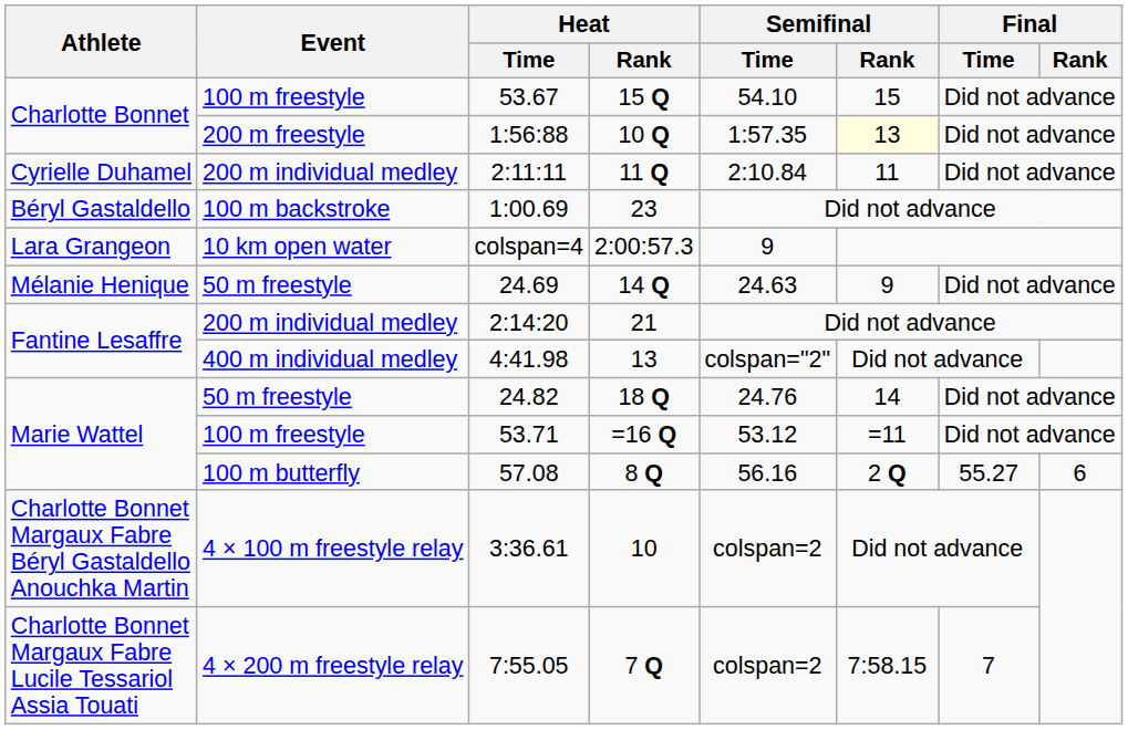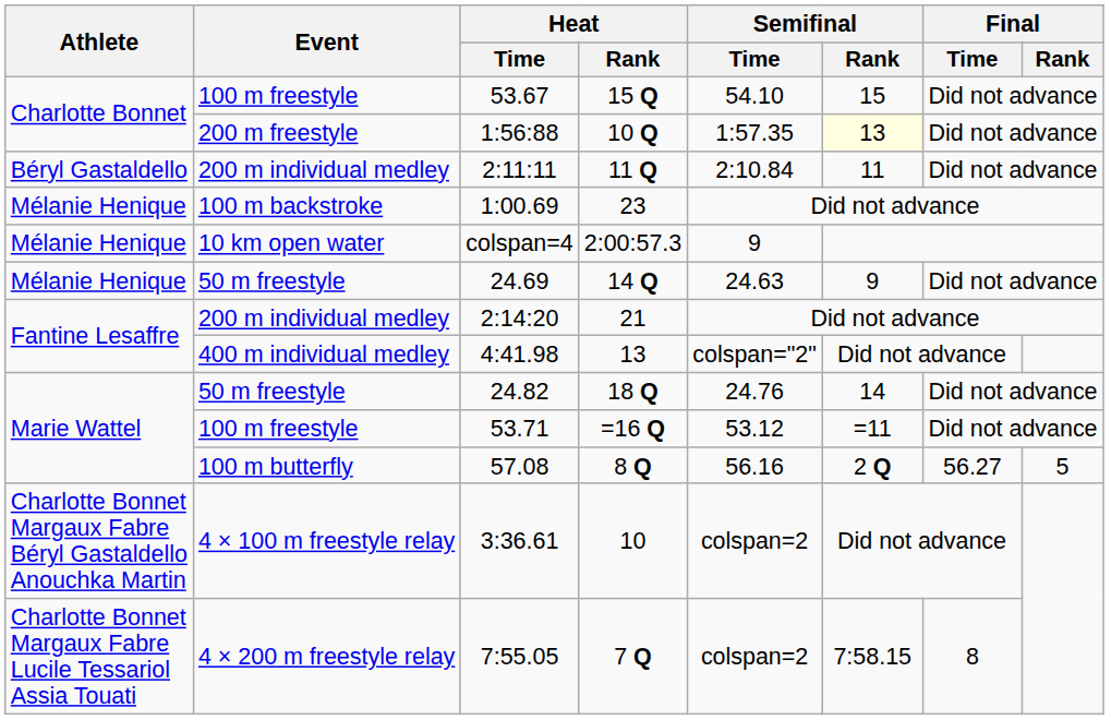 <table class=wikitable style="font-size:90%">
 <tr>
 <th rowspan="2">Athlete</th>
 <th rowspan="2">Event</th>
 <th colspan="2">Heat</th>
 <th colspan="2">Semifinal</th>
 <th colspan="2">Final</th>
 </tr>
 <tr style="font-size:95%">
 <th>Time</th>
 <th>Rank</th>
 <th>Time</th>
 <th>Rank</th>
 <th>Time</th>
 <th>Rank</th>
 </tr>
 <tr align=center>
 <td align=left rowspan=2><a href='#'>Charlotte Bonnet</a></td>
 <td align=left><a href='#'>100 m freestyle</a></td>
 <td>53.67</td>
 <td>15 <strong>Q</strong></td>
 <td>54.10</td>
 <td>15</td>
 <td colspan="2">Did not advance</td>
 </tr>
 <tr align=center>
 <td align=left><a href='#'>200 m freestyle</a></td>
 <td>1:56:88</td>
 <td>10 <strong>Q</strong></td>
 <td>1:57.35</td>
 <td style="background: lightyellow;">13</td>
 <td colspan="2">Did not advance</td>
 </tr>
 <tr align=center>
-<td align=left><a href='#'>Cyrielle Duhamel</a></td>
+<td align=left><a href='#'>Béryl Gastaldello</a></td>
 <td align=left><a href='#'>200 m individual medley</a></td>
 <td>2:11:11</td>
 <td>11 <strong>Q</strong></td>
 <td>2:10.84</td>
 <td>11</td>
 <td colspan="2">Did not advance</td>
 </tr>
 <tr align=center>
-<td align=left><a href='#'>Béryl Gastaldello</a></td>
+<td align=left><a href='#'>Mélanie Henique</a></td>
 <td align=left><a href='#'>100 m backstroke</a></td>
 <td>1:00.69</td>
 <td>23</td>
 <td colspan="4">Did not advance</td>
 </tr>
 <tr align=center>
-<td align=left><a href='#'>Lara Grangeon</a></td>
+<td align=left><a href='#'>Mélanie Henique</a></td>
 <td align=left><a href='#'>10 km open water</a></td>
 <td>colspan=4 </td>
 <td>2:00:57.3</td>
 <td>9</td>
 </tr>
 <tr align=center>
 <td align=left><a href='#'>Mélanie Henique</a></td>
 <td align=left><a href='#'>50 m freestyle</a></td>
 <td>24.69</td>
 <td>14 <strong>Q</strong></td>
 <td>24.63</td>
 <td>9</td>
 <td colspan="2">Did not advance</td>
 </tr>
 <tr align=center>
 <td align=left rowspan=2><a href='#'>Fantine Lesaffre</a></td>
 <td align=left><a href='#'>200 m individual medley</a></td>
 <td>2:14:20</td>
 <td>21</td>
 <td colspan="4">Did not advance</td>
 </tr>
 <tr align=center>
 <td align=left><a href='#'>400 m individual medley</a></td>
 <td>4:41.98</td>
 <td>13</td>
 <td>colspan="2" </td>
 <td colspan="2">Did not advance</td>
 </tr>
 <tr align=center>
 <td align=left rowspan=3><a href='#'>Marie Wattel</a></td>
 <td align=left><a href='#'>50 m freestyle</a></td>
 <td>24.82</td>
 <td>18 <strong>Q</strong></td>
 <td>24.76</td>
 <td>14</td>
 <td colspan="2">Did not advance</td>
 </tr>
 <tr align=center>
 <td align=left><a href='#'>100 m freestyle</a></td>
 <td>53.71</td>
 <td>=16 <strong>Q</strong></td>
 <td>53.12</td>
 <td>=11</td>
 <td colspan="2">Did not advance</td>
 </tr>
 <tr align=center>
 <td align=left><a href='#'>100 m butterfly</a></td>
 <td>57.08</td>
 <td>8 <strong>Q</strong></td>
 <td>56.16</td>
 <td>2 <strong>Q</strong></td>
-<td>55.27</td>
-<td>6</td>
+<td>56.27</td>
+<td>5</td>
 </tr>
 <tr align=center>
 <td align=left><a href='#'>Charlotte Bonnet</a><br><a href='#'>Margaux Fabre</a> <br><a href='#'>Béryl Gastaldello</a><br><a href='#'>Anouchka Martin</a></td>
 <td align=left><a href='#'>4 × 100 m freestyle relay</a></td>
 <td>3:36.61</td>
 <td>10</td>
 <td>colspan=2 </td>
 <td colspan="2">Did not advance</td>
 </tr>
 <tr align=center>
 <td align=left><a href='#'>Charlotte Bonnet</a><br><a href='#'>Margaux Fabre</a><br><a href='#'>Lucile Tessariol</a><br><a href='#'>Assia Touati</a></td>
 <td align=left><a href='#'>4 × 200 m freestyle relay</a></td>
 <td>7:55.05</td>
 <td>7 <strong>Q</strong></td>
 <td>colspan=2 </td>
 <td>7:58.15</td>
-<td>7</td>
+<td>8</td>
 </tr>
 </table>
